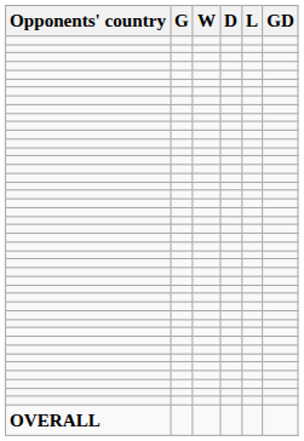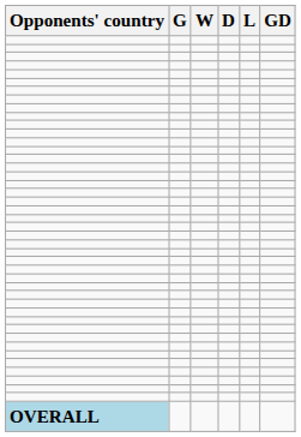 <table class="wikitable" style="font-size:90%">
 <tr>
 <th>Opponents' country</th>
 <th>G</th>
 <th>W</th>
 <th>D</th>
 <th>L</th>
 <th>GD</th>
 </tr>
 <tr>
 <td align=left></td>
 <td></td>
 <td></td>
 <td></td>
 <td></td>
 <td></td>
 </tr>
 <tr>
 <td align=left></td>
 <td></td>
 <td></td>
 <td></td>
 <td></td>
 <td></td>
 </tr>
 <tr>
 <td align=left></td>
 <td></td>
 <td></td>
 <td></td>
 <td></td>
 <td></td>
 </tr>
 <tr>
 <td align=left></td>
 <td></td>
 <td></td>
 <td></td>
 <td></td>
 <td></td>
 </tr>
 <tr>
 <td align=left></td>
 <td></td>
 <td></td>
 <td></td>
 <td></td>
 <td></td>
 </tr>
 <tr>
 <td align=left></td>
 <td></td>
 <td></td>
 <td></td>
 <td></td>
 <td></td>
 </tr>
 <tr>
 <td align=left></td>
 <td></td>
 <td></td>
 <td></td>
 <td></td>
 <td></td>
 </tr>
 <tr>
 <td align=left></td>
 <td></td>
 <td></td>
 <td></td>
 <td></td>
 <td></td>
 </tr>
 <tr>
 <td align=left></td>
 <td></td>
 <td></td>
 <td></td>
 <td></td>
 <td></td>
 </tr>
 <tr>
 <td align=left></td>
 <td></td>
 <td></td>
 <td></td>
 <td></td>
 <td></td>
 </tr>
 <tr>
 <td align=left></td>
 <td></td>
 <td></td>
 <td></td>
 <td></td>
 <td></td>
 </tr>
 <tr>
 <td align=left></td>
 <td></td>
 <td></td>
 <td></td>
 <td></td>
 <td></td>
 </tr>
 <tr>
 <td align=left></td>
 <td></td>
 <td></td>
 <td></td>
 <td></td>
 <td></td>
 </tr>
 <tr>
 <td align=left></td>
 <td></td>
 <td></td>
 <td></td>
 <td></td>
 <td></td>
 </tr>
 <tr>
 <td align=left></td>
 <td></td>
 <td></td>
 <td></td>
 <td></td>
 <td></td>
 </tr>
 <tr>
 <td align=left></td>
 <td></td>
 <td></td>
 <td></td>
 <td></td>
 <td></td>
 </tr>
 <tr>
 <td align=left></td>
 <td></td>
 <td></td>
 <td></td>
 <td></td>
 <td></td>
 </tr>
 <tr>
 <td align=left></td>
 <td></td>
 <td></td>
 <td></td>
 <td></td>
 <td></td>
 </tr>
 <tr>
 <td align=left></td>
 <td></td>
 <td></td>
 <td></td>
 <td></td>
 <td></td>
 </tr>
 <tr>
 <td align=left></td>
 <td></td>
 <td></td>
 <td></td>
 <td></td>
 <td></td>
 </tr>
 <tr>
 <td align=left></td>
 <td></td>
 <td></td>
 <td></td>
 <td></td>
 <td></td>
 </tr>
 <tr>
 <td align=left></td>
 <td></td>
 <td></td>
 <td></td>
 <td></td>
 <td></td>
 </tr>
 <tr>
 <td align=left></td>
 <td></td>
 <td></td>
 <td></td>
 <td></td>
 <td></td>
 </tr>
 <tr>
 <td align=left></td>
 <td></td>
 <td></td>
 <td></td>
 <td></td>
 <td></td>
 </tr>
 <tr>
 <td align=left></td>
 <td></td>
 <td></td>
 <td></td>
 <td></td>
 <td></td>
 </tr>
 <tr>
 <td align=left></td>
 <td></td>
 <td></td>
 <td></td>
 <td></td>
 <td></td>
 </tr>
 <tr>
 <td align=left></td>
 <td></td>
 <td></td>
 <td></td>
 <td></td>
 <td></td>
 </tr>
 <tr>
 <td align=left></td>
 <td></td>
 <td></td>
 <td></td>
 <td></td>
 <td></td>
 </tr>
 <tr>
 <td align=left></td>
 <td></td>
 <td></td>
 <td></td>
 <td></td>
 <td></td>
 </tr>
 <tr>
 <td align=left></td>
 <td></td>
 <td></td>
 <td></td>
 <td></td>
 <td></td>
 </tr>
 <tr>
 <td align=left></td>
 <td></td>
 <td></td>
 <td></td>
 <td></td>
 <td></td>
 </tr>
 <tr>
 <td align=left></td>
 <td></td>
 <td></td>
 <td></td>
 <td></td>
 <td></td>
 </tr>
 <tr>
 <td align=left></td>
 <td></td>
 <td></td>
 <td></td>
 <td></td>
 <td></td>
 </tr>
 <tr>
 <td align=left></td>
 <td></td>
 <td></td>
 <td></td>
 <td></td>
 <td></td>
 </tr>
 <tr>
 <td align=left></td>
 <td></td>
 <td></td>
 <td></td>
 <td></td>
 <td></td>
 </tr>
 <tr>
 <td align=left></td>
 <td></td>
 <td></td>
 <td></td>
 <td></td>
 <td></td>
 </tr>
 <tr>
 <td align=left></td>
 <td></td>
 <td></td>
 <td></td>
 <td></td>
 <td></td>
 </tr>
 <tr>
 <td align=left></td>
 <td></td>
 <td></td>
 <td></td>
 <td></td>
 <td></td>
 </tr>
 <tr>
 <td align=left></td>
 <td></td>
 <td></td>
 <td></td>
 <td></td>
 <td></td>
 </tr>
 <tr>
 <td align=left></td>
 <td></td>
 <td></td>
 <td></td>
 <td></td>
 <td></td>
 </tr>
 <tr>
 <td align=left></td>
 <td></td>
 <td></td>
 <td></td>
 <td></td>
 <td></td>
 </tr>
 <tr>
 <td align=left></td>
 <td></td>
 <td></td>
 <td></td>
 <td></td>
 <td></td>
 </tr>
 <tr>
 <td align=left></td>
 <td></td>
 <td></td>
 <td></td>
 <td></td>
 <td></td>
 </tr>
 <tr>
-<td><strong>OVERALL</strong></td>
+<td style="background: lightblue;"><strong>OVERALL</strong></td>
 <td></td>
 <td></td>
 <td></td>
 <td></td>
 <td></td>
 </tr>
 </table>
